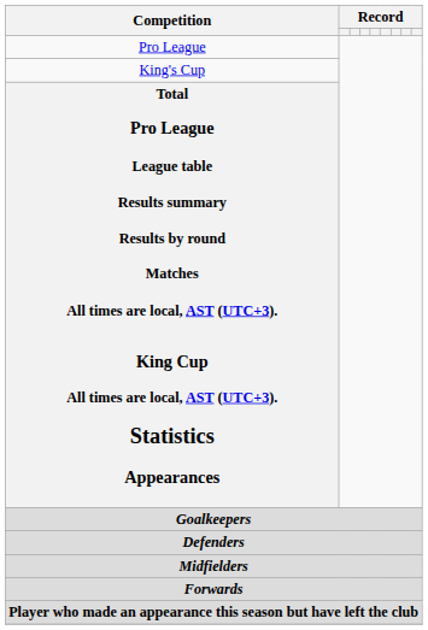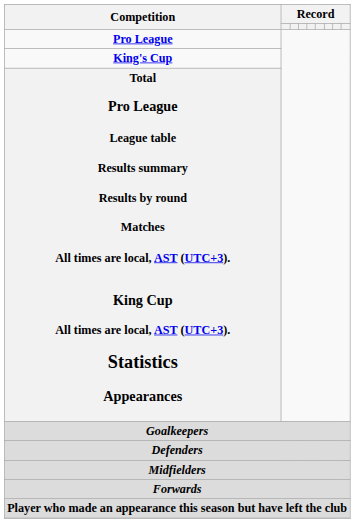 <table class="wikitable" style="text-align: center">
 <tr>
 <th rowspan=2>Competition</th>
 <th colspan=8>Record</th>
 </tr>
 <tr>
 <th></th>
 <th></th>
 <th></th>
 <th></th>
 <th></th>
 <th></th>
 <th></th>
 <th></th>
 </tr>
 <tr>
-<td><a href='#'>Pro League</a><br></td>
+<td><strong><a href='#'>Pro League</a><br></strong></td>
 </tr>
 <tr>
-<td><a href='#'>King's Cup</a><br></td>
+<td><strong><a href='#'>King's Cup</a><br></strong></td>
 </tr>
 <tr>
 <th>Total<br> <h3>Pro League</h3><h4>League table</h4><h4>Results summary</h4> <h4>Results by round</h4><h4>Matches</h4>All times are local, <a href='#'>AST</a> (<a href='#'>UTC+3</a>).<br>   <br>                                 <h3>King Cup</h3> All times are local, <a href='#'>AST</a> (<a href='#'>UTC+3</a>).<br><h2>Statistics</h2><h3>Appearances</h3></th>
 </tr>
 <tr>
 <th colspan=10 style=background:#dcdcdc; text-align:center><em>Goalkeepers</em><br>    </th>
 </tr>
 <tr>
 <th colspan=10 style=background:#dcdcdc; text-align:center><em>Defenders</em><br>         </th>
 </tr>
 <tr>
 <th colspan=10 style=background:#dcdcdc; text-align:center><em>Midfielders</em><br>        </th>
 </tr>
 <tr>
 <th colspan=10 style=background:#dcdcdc; text-align:center><em>Forwards</em><br>    </th>
 </tr>
 <tr>
 <th colspan=18 style=background:#dcdcdc; text-align:center>Player who made an appearance this season but have left the club<br> </th>
 </tr>
 <tr>
 </tr>
 </table>
